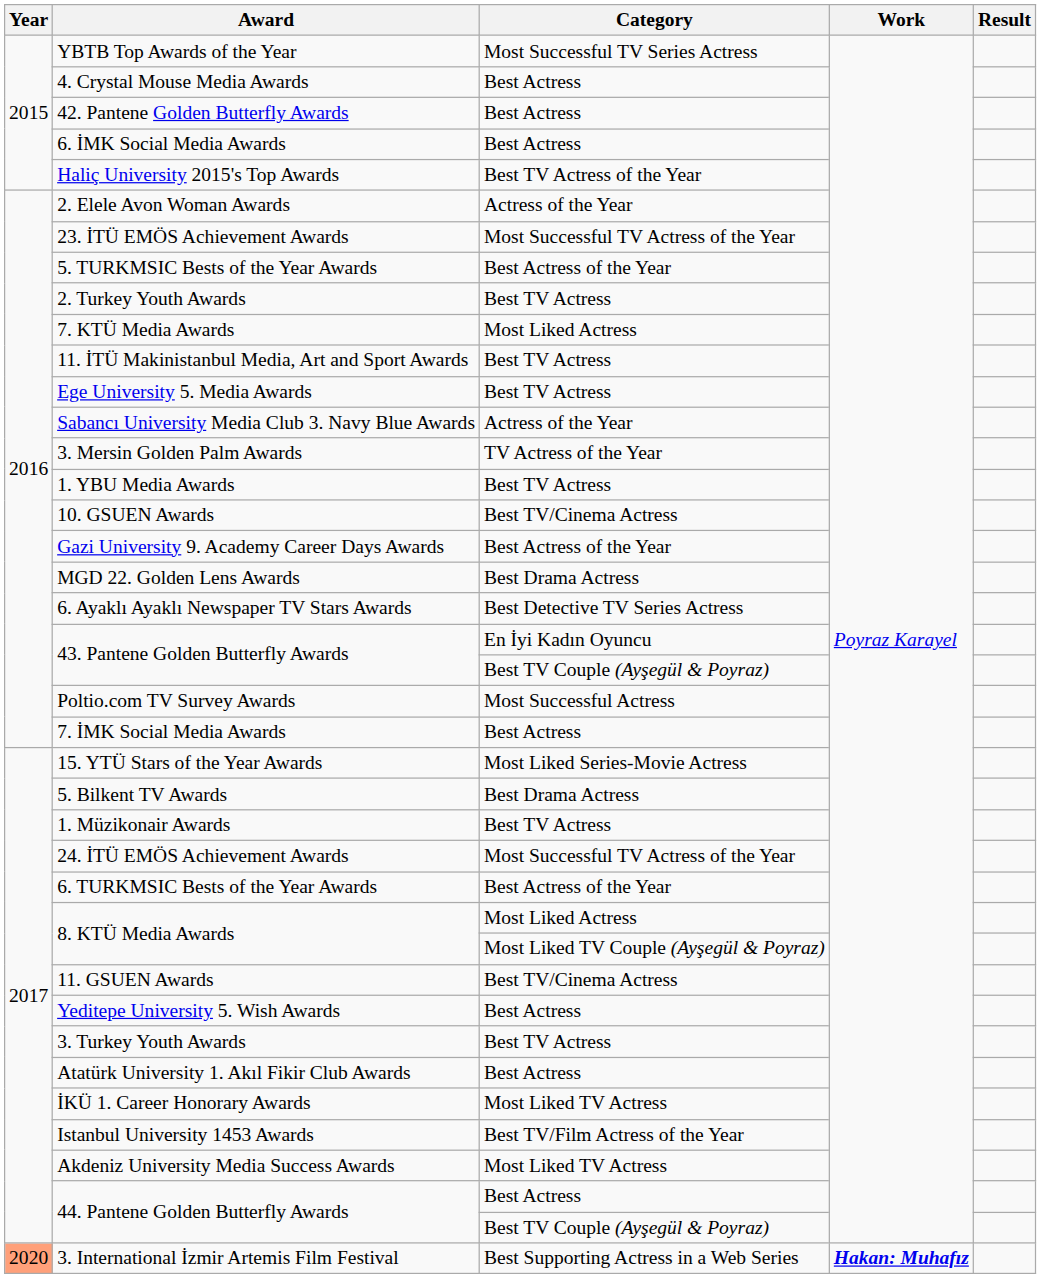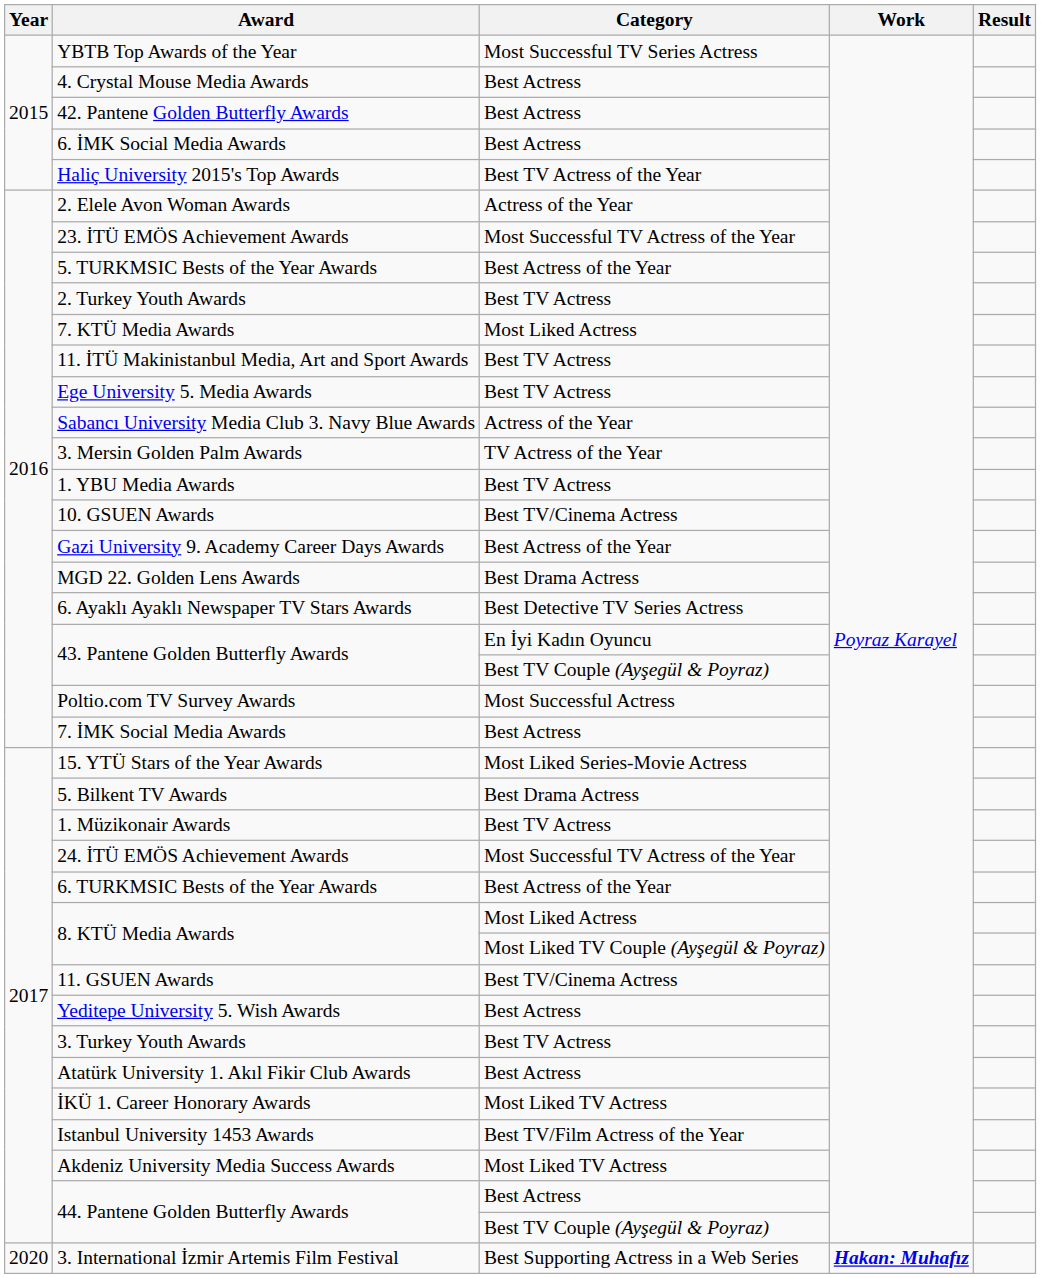 <table class="wikitable">
 <tr style="text-align:center; ;">
 <th>Year</th>
 <th>Award</th>
 <th>Category</th>
 <th>Work</th>
 <th>Result</th>
 </tr>
 <tr>
 <td rowspan=5>2015</td>
 <td>YBTB Top Awards of the Year</td>
 <td>Most Successful TV Series Actress</td>
 <td rowspan=39><em><a href='#'>Poyraz Karayel</a></em></td>
 <td></td>
 </tr>
 <tr>
 <td>4. Crystal Mouse Media Awards</td>
 <td>Best Actress</td>
 <td></td>
 </tr>
 <tr>
 <td>42. Pantene <a href='#'>Golden Butterfly Awards</a></td>
 <td>Best Actress</td>
 <td></td>
 </tr>
 <tr>
 <td>6. İMK Social Media Awards</td>
 <td>Best Actress</td>
 <td></td>
 </tr>
 <tr>
 <td><a href='#'>Haliç University</a> 2015's Top Awards</td>
 <td>Best TV Actress of the Year</td>
 <td></td>
 </tr>
 <tr>
 <td rowspan=18>2016</td>
 <td>2. Elele Avon Woman Awards</td>
 <td>Actress of the Year</td>
 <td></td>
 </tr>
 <tr>
 <td>23. İTÜ EMÖS Achievement Awards</td>
 <td>Most Successful TV Actress of the Year</td>
 <td></td>
 </tr>
 <tr>
 <td>5. TURKMSIC Bests of the Year Awards</td>
 <td>Best Actress of the Year</td>
 <td></td>
 </tr>
 <tr>
 <td>2. Turkey Youth Awards</td>
 <td>Best TV Actress</td>
 <td></td>
 </tr>
 <tr>
 <td>7. KTÜ Media Awards</td>
 <td>Most Liked Actress</td>
 <td></td>
 </tr>
 <tr>
 <td>11. İTÜ Makinistanbul Media, Art and Sport Awards</td>
 <td>Best TV Actress</td>
 <td></td>
 </tr>
 <tr>
 <td><a href='#'>Ege University</a> 5. Media Awards</td>
 <td>Best TV Actress</td>
 <td></td>
 </tr>
 <tr>
 <td><a href='#'>Sabancı University</a> Media Club 3. Navy Blue Awards</td>
 <td>Actress of the Year</td>
 <td></td>
 </tr>
 <tr>
 <td>3. Mersin Golden Palm Awards</td>
 <td>TV Actress of the Year</td>
 <td></td>
 </tr>
 <tr>
 <td>1. YBU Media Awards</td>
 <td>Best TV Actress</td>
 <td></td>
 </tr>
 <tr>
 <td>10. GSUEN Awards</td>
 <td>Best TV/Cinema Actress</td>
 <td></td>
 </tr>
 <tr>
 <td><a href='#'>Gazi University</a> 9. Academy Career Days Awards</td>
 <td>Best Actress of the Year</td>
 <td></td>
 </tr>
 <tr>
 <td>MGD 22. Golden Lens Awards</td>
 <td>Best Drama Actress</td>
 <td></td>
 </tr>
 <tr>
 <td>6. Ayaklı Ayaklı Newspaper TV Stars Awards</td>
 <td>Best Detective TV Series Actress</td>
 <td></td>
 </tr>
 <tr>
 <td rowspan=2>43. Pantene Golden Butterfly Awards</td>
 <td>En İyi Kadın Oyuncu</td>
 <td></td>
 </tr>
 <tr>
 <td>Best TV Couple <em>(Ayşegül & Poyraz)</em></td>
 <td></td>
 </tr>
 <tr>
 <td>Poltio.com TV Survey Awards</td>
 <td>Most Successful Actress</td>
 <td></td>
 </tr>
 <tr>
 <td>7. İMK Social Media Awards</td>
 <td>Best Actress</td>
 <td></td>
 </tr>
 <tr>
 <td rowspan=16>2017</td>
 <td>15. YTÜ Stars of the Year Awards</td>
 <td>Most Liked Series-Movie Actress</td>
 <td></td>
 </tr>
 <tr>
 <td>5. Bilkent TV Awards</td>
 <td>Best Drama Actress</td>
 <td></td>
 </tr>
 <tr>
 <td>1. Müzikonair Awards</td>
 <td>Best TV Actress</td>
 <td></td>
 </tr>
 <tr>
 <td>24. İTÜ EMÖS Achievement Awards</td>
 <td>Most Successful TV Actress of the Year</td>
 <td></td>
 </tr>
 <tr>
 <td>6. TURKMSIC Bests of the Year Awards</td>
 <td>Best Actress of the Year</td>
 <td></td>
 </tr>
 <tr>
 <td rowspan=2>8. KTÜ Media Awards</td>
 <td>Most Liked Actress</td>
 <td></td>
 </tr>
 <tr>
 <td>Most Liked TV Couple <em>(Ayşegül & Poyraz)</em></td>
 <td></td>
 </tr>
 <tr>
 <td>11. GSUEN Awards</td>
 <td>Best TV/Cinema Actress</td>
 <td></td>
 </tr>
 <tr>
 <td><a href='#'>Yeditepe University</a> 5. Wish Awards</td>
 <td>Best Actress</td>
 <td></td>
 </tr>
 <tr>
 <td>3. Turkey Youth Awards</td>
 <td>Best TV Actress</td>
 <td></td>
 </tr>
 <tr>
 <td>Atatürk University 1. Akıl Fikir Club Awards</td>
 <td>Best Actress</td>
 <td></td>
 </tr>
 <tr>
 <td>İKÜ 1. Career Honorary Awards</td>
 <td>Most Liked TV Actress</td>
 <td></td>
 </tr>
 <tr>
 <td>Istanbul University 1453 Awards</td>
 <td>Best TV/Film Actress of the Year</td>
 <td></td>
 </tr>
 <tr>
 <td>Akdeniz University Media Success Awards</td>
 <td>Most Liked TV Actress</td>
 <td></td>
 </tr>
 <tr>
 <td rowspan=2>44. Pantene Golden Butterfly Awards</td>
 <td>Best Actress</td>
 <td></td>
 </tr>
 <tr>
 <td>Best TV Couple <em>(Ayşegül & Poyraz)</em></td>
 <td></td>
 </tr>
 <tr>
-<td style="background: lightsalmon;">2020</td>
+<td>2020</td>
 <td>3. International İzmir Artemis Film Festival</td>
 <td>Best Supporting Actress in a Web Series</td>
 <td><strong><em><a href='#'>Hakan: Muhafız</a></em></strong></td>
 <td></td>
 </tr>
 </table>
